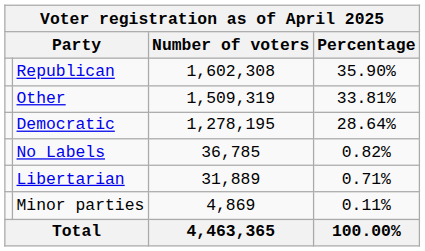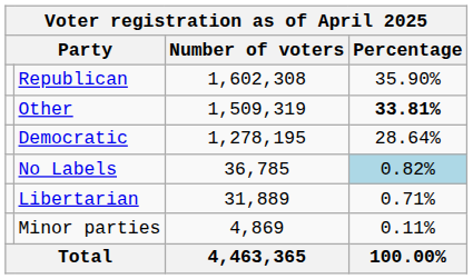 <table class=wikitable style="float:right; margin:10px">
 <tr>
 <th colspan = 6>Voter registration as of April 2025</th>
 </tr>
 <tr>
 <th colspan = 2>Party</th>
 <th>Number of voters</th>
 <th>Percentage</th>
 </tr>
 <tr>
 <td></td>
 <td><a href='#'>Republican</a></td>
 <td style="text-align:center;">1,602,308</td>
 <td style="text-align:center;">35.90%</td>
 </tr>
 <tr>
 <td></td>
 <td><a href='#'>Other</a></td>
 <td style="text-align:center;">1,509,319</td>
-<td style="text-align:center;">33.81%</td>
+<td style="text-align:center;"><strong>33.81%</strong></td>
 </tr>
 <tr>
 <td></td>
 <td><a href='#'>Democratic</a></td>
 <td style="text-align:center;">1,278,195</td>
 <td style="text-align:center;">28.64%</td>
 </tr>
 <tr>
 <td></td>
 <td><a href='#'>No Labels</a></td>
 <td style="text-align:center;">36,785</td>
-<td style="text-align:center;">0.82%</td>
+<td style="background: lightblue; text-align:center;">0.82%</td>
 </tr>
 <tr>
 <td></td>
 <td><a href='#'>Libertarian</a></td>
 <td style="text-align:center;">31,889</td>
 <td style="text-align:center;">0.71%</td>
 </tr>
 <tr>
 <td></td>
 <td>Minor parties</td>
 <td style="text-align:center;">4,869</td>
 <td style="text-align:center;">0.11%</td>
 </tr>
 <tr>
 <th colspan = 2>Total</th>
 <th style="text-align:center;">4,463,365</th>
 <th style="text-align:center;">100.00%</th>
 </tr>
 </table>
